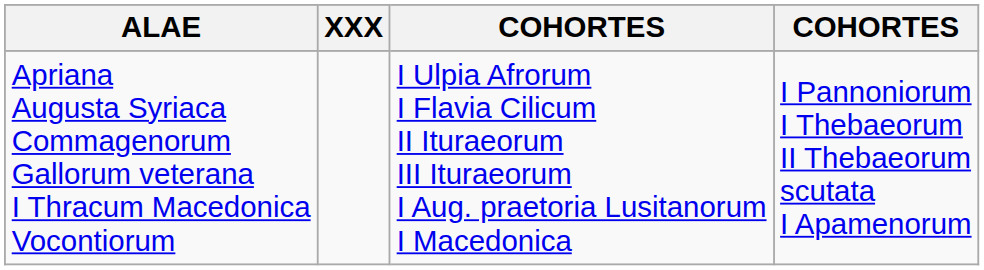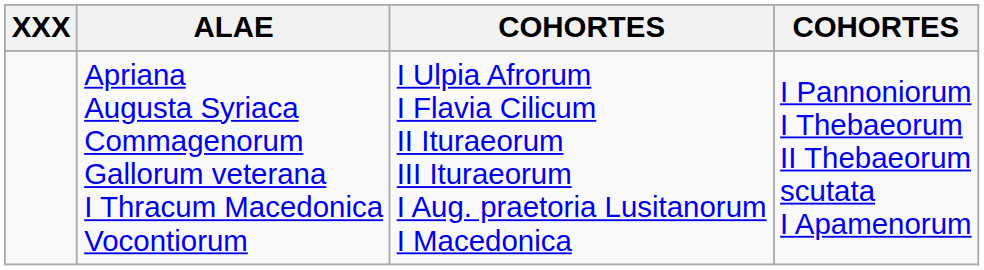 <table class=wikitable>
 <tr>
+<th>XXX</th>
 <th>ALAE</th>
-<th>XXX</th>
 <th>COHORTES</th>
 <th>COHORTES</th>
 </tr>
 <tr>
+<td></td>
 <td><a href='#'>Apriana</a><br><a href='#'>Augusta Syriaca</a><br><a href='#'>Commagenorum</a><br><a href='#'>Gallorum veterana</a><br><a href='#'>I Thracum Macedonica</a><br><a href='#'>Vocontiorum</a></td>
-<td></td>
 <td><a href='#'>I Ulpia Afrorum</a> <br><a href='#'>I Flavia Cilicum</a> <br><a href='#'>II Ituraeorum</a><br><a href='#'>III Ituraeorum</a><br><a href='#'>I Aug. praetoria Lusitanorum</a> <br><a href='#'>I Macedonica</a> </td>
 <td><a href='#'>I Pannoniorum</a><br><a href='#'>I Thebaeorum</a> <br><a href='#'>II Thebaeorum</a><br><a href='#'>scutata</a> <br><a href='#'>I Apamenorum</a>   </td>
 </tr>
 </table>
